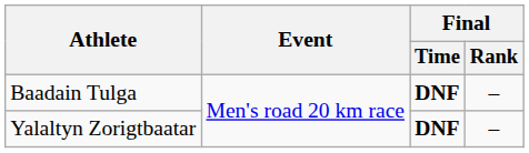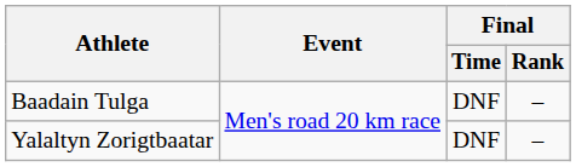 <table class=wikitable style=font-size:90%;text-align:center>
 <tr>
 <th rowspan=2>Athlete</th>
 <th rowspan=2>Event</th>
 <th colspan=2>Final</th>
 </tr>
 <tr style="font-size:95%">
 <th>Time</th>
 <th>Rank</th>
 </tr>
 <tr>
 <td align=left>Baadain Tulga</td>
 <td align=left rowspan=2><a href='#'>Men's road 20 km race</a></td>
-<td><strong>DNF</strong></td>
+<td>DNF</td>
 <td>–</td>
 </tr>
 <tr>
 <td align=left>Yalaltyn Zorigtbaatar</td>
-<td><strong>DNF</strong></td>
+<td>DNF</td>
 <td>–</td>
 </tr>
 </table>
